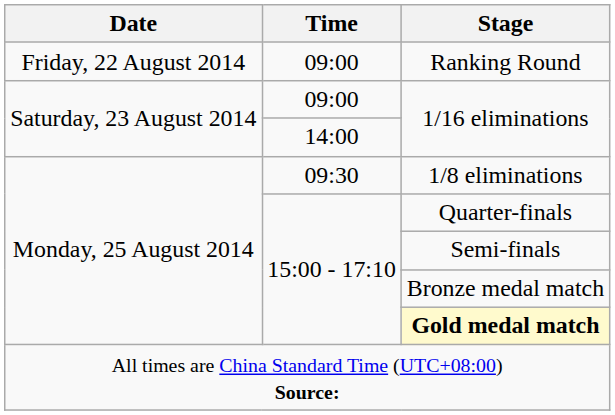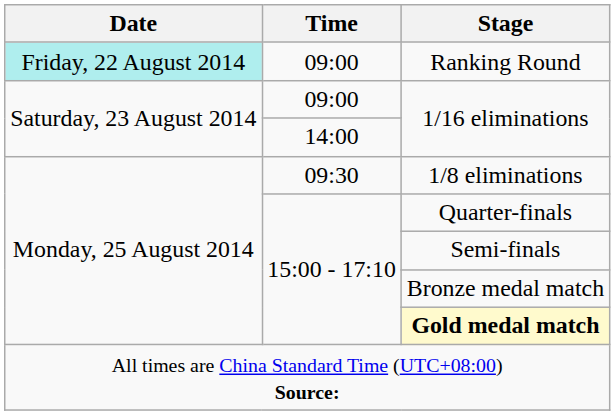 <table class="wikitable" style="text-align:center;">
 <tr>
 <th>Date</th>
 <th>Time</th>
 <th>Stage</th>
 </tr>
 <tr>
-<td>Friday, 22 August 2014</td>
+<td style="background: paleturquoise;">Friday, 22 August 2014</td>
 <td>09:00</td>
 <td>Ranking Round</td>
 </tr>
 <tr>
 <td rowspan="2">Saturday, 23 August 2014</td>
 <td>09:00</td>
 <td rowspan="2">1/16 eliminations</td>
 </tr>
 <tr>
 <td>14:00</td>
 </tr>
 <tr>
 <td rowspan="5">Monday, 25 August 2014</td>
 <td>09:30</td>
 <td>1/8 eliminations</td>
 </tr>
 <tr>
 <td rowspan="4">15:00 - 17:10</td>
 <td>Quarter-finals</td>
 </tr>
 <tr>
 <td>Semi-finals</td>
 </tr>
 <tr>
 <td>Bronze medal match</td>
 </tr>
 <tr>
 <td bgcolor=lemonchiffon><strong>Gold medal match</strong></td>
 </tr>
 <tr>
 <td colspan="3"><small> All times are <a href='#'>China Standard Time</a> (<a href='#'>UTC+08:00</a>) <br> <strong>Source:</strong></small></td>
 </tr>
 </table>
